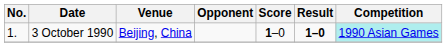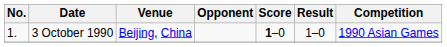 <table class="wikitable">
 <tr>
 <th>No.</th>
 <th>Date</th>
 <th>Venue</th>
 <th>Opponent</th>
 <th>Score</th>
 <th>Result</th>
 <th>Competition</th>
 </tr>
 <tr>
 <td>1.</td>
 <td>3 October 1990</td>
 <td><a href='#'>Beijing</a>, <a href='#'>China</a></td>
 <td></td>
 <td align=center><strong>1</strong>–0</td>
-<td align=center><strong>1–0</strong></td>
-<td style="background: paleturquoise;"><a href='#'>1990 Asian Games</a></td>
+<td align=center>1–0</td>
+<td><a href='#'>1990 Asian Games</a></td>
 </tr>
 <tr>
 </tr>
 </table>
